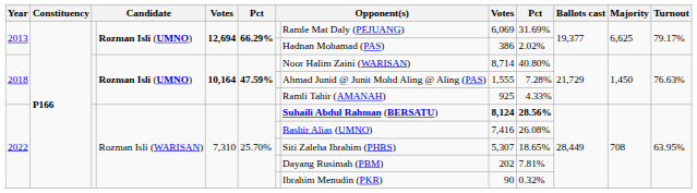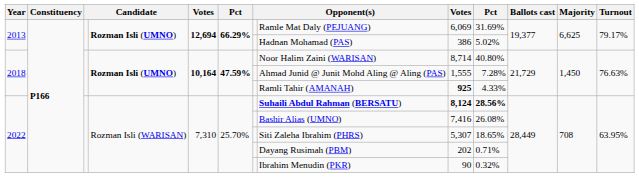 <table class="wikitable" style="margin:0.5em ; font-size:95%">
 <tr>
 <th>Year</th>
 <th>Constituency</th>
 <th colspan=2>Candidate</th>
 <th>Votes</th>
 <th>Pct</th>
 <th colspan=2>Opponent(s)</th>
 <th>Votes</th>
 <th>Pct</th>
 <th>Ballots cast</th>
 <th>Majority</th>
 <th>Turnout</th>
 </tr>
 <tr>
 <td rowspan=2><a href='#'>2013</a></td>
 <td rowspan=10><strong>P166 </strong></td>
 <td rowspan=2 ></td>
 <td rowspan=2><strong>Rozman Isli</strong> (<strong><a href='#'>UMNO</a></strong>)</td>
 <td rowspan=2 align=right><strong>12,694</strong></td>
 <td rowspan=2><strong>66.29%</strong></td>
 <td></td>
 <td>Ramle Mat Daly (<a href='#'>PEJUANG</a>)</td>
 <td align=right>6,069</td>
 <td>31.69%</td>
 <td rowspan=2>19,377</td>
 <td rowspan=2>6,625</td>
 <td rowspan=2>79.17%</td>
 </tr>
 <tr>
 <td></td>
 <td>Hadnan Mohamad (<a href='#'>PAS</a>)</td>
 <td align=right>386</td>
-<td>2.02%</td>
+<td>5.02%</td>
 </tr>
 <tr>
 <td rowspan=3><a href='#'>2018</a></td>
 <td rowspan=3 ></td>
 <td rowspan=3><strong>Rozman Isli</strong> (<strong><a href='#'>UMNO</a></strong>)</td>
 <td rowspan=3 align=right><strong>10,164</strong></td>
 <td rowspan=3><strong>47.59%</strong></td>
 <td></td>
 <td>Noor Halim Zaini (<a href='#'>WARISAN</a>)</td>
 <td align=right>8,714</td>
 <td>40.80%</td>
 <td rowspan=3>21,729</td>
 <td rowspan=3>1,450</td>
 <td rowspan=3>76.63%</td>
 </tr>
 <tr>
 <td></td>
 <td>Ahmad Junid @ Junit Mohd Aling @ Aling (<a href='#'>PAS</a>)</td>
 <td align=right>1,555</td>
 <td align=right>7.28%</td>
 </tr>
 <tr>
 <td bgcolor=></td>
 <td>Ramli Tahir (<a href='#'>AMANAH</a>)</td>
-<td align=right>925</td>
+<td align=right><strong>925</strong></td>
 <td align=right>4.33%</td>
 </tr>
 <tr>
 <td rowspan=5><a href='#'>2022</a></td>
 <td rowspan=5 ></td>
 <td rowspan=5>Rozman Isli (<a href='#'>WARISAN</a>)</td>
 <td rowspan=5 align=right>7,310</td>
 <td rowspan=5>25.70%</td>
 <td></td>
 <td><strong><a href='#'>Suhaili Abdul Rahman</a></strong> (<a href='#'><strong>BERSATU</strong></a>)</td>
 <td align=right><strong>8,124</strong></td>
 <td><strong>28.56%</strong></td>
 <td rowspan=5>28,449</td>
 <td rowspan=5>708</td>
 <td rowspan=5>63.95%</td>
 </tr>
 <tr>
 <td></td>
 <td><a href='#'>Bashir Alias</a> (<a href='#'>UMNO</a>)</td>
 <td align=right>7,416</td>
 <td>26.08%</td>
 </tr>
 <tr>
 <td></td>
 <td>Siti Zaleha Ibrahim (<a href='#'>PHRS</a>)</td>
 <td align=right>5,307</td>
 <td>18.65%</td>
 </tr>
 <tr>
 <td bgcolor=></td>
 <td>Dayang Rusimah (<a href='#'>PBM</a>)</td>
 <td align=right>202</td>
-<td>7.81%</td>
+<td>0.71%</td>
 </tr>
 <tr>
 <td bgcolor=></td>
 <td>Ibrahim Menudin (<a href='#'>PKR</a>)</td>
 <td align=right>90</td>
 <td>0.32%</td>
 </tr>
 </table>
